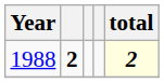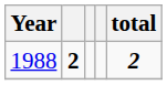 <table class="wikitable" style="font-size: 100%; text-align: center">
 <tr>
 <th>Year</th>
 <th></th>
 <th></th>
 <th></th>
 <th>total</th>
 </tr>
 <tr>
 <td><a href='#'>1988</a></td>
 <td><strong>2</strong></td>
 <td></td>
 <td></td>
-<td style="background: lightyellow;"><strong><em>2</em></strong></td>
+<td><strong><em>2</em></strong></td>
 </tr>
 <tr>
 </tr>
 </table>
